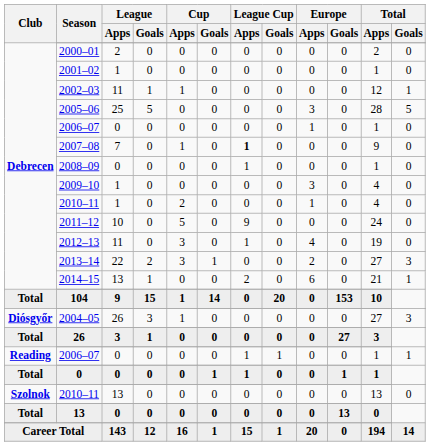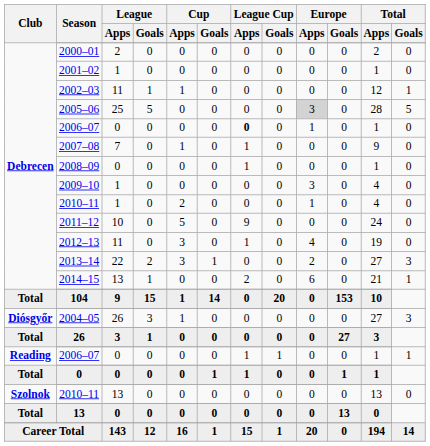 <table class="wikitable" style="font-size:90%; text-align: center;">
 <tr>
 <th rowspan="2">Club</th>
 <th rowspan="2">Season</th>
 <th colspan="2">League</th>
 <th colspan="2">Cup</th>
 <th colspan="2">League Cup</th>
 <th colspan="2">Europe</th>
 <th colspan="2">Total</th>
 </tr>
 <tr>
 <th>Apps</th>
 <th>Goals</th>
 <th>Apps</th>
 <th>Goals</th>
 <th>Apps</th>
 <th>Goals</th>
 <th>Apps</th>
 <th>Goals</th>
 <th>Apps</th>
 <th>Goals</th>
 </tr>
 <tr ||-||-||-|->
 <td rowspan="15" valign="center"><strong><a href='#'>Debrecen</a></strong></td>
 </tr>
 <tr>
 <td><a href='#'>2000–01</a></td>
 <td>2</td>
 <td>0</td>
 <td>0</td>
 <td>0</td>
 <td>0</td>
 <td>0</td>
 <td>0</td>
 <td>0</td>
 <td>2</td>
 <td>0</td>
 </tr>
 <tr>
 <td><a href='#'>2001–02</a></td>
 <td>1</td>
 <td>0</td>
 <td>0</td>
 <td>0</td>
 <td>0</td>
 <td>0</td>
 <td>0</td>
 <td>0</td>
 <td>1</td>
 <td>0</td>
 </tr>
 <tr>
 <td><a href='#'>2002–03</a></td>
 <td>11</td>
 <td>1</td>
 <td>1</td>
 <td>0</td>
 <td>0</td>
 <td>0</td>
 <td>0</td>
 <td>0</td>
 <td>12</td>
 <td>1</td>
 </tr>
 <tr>
 <td><a href='#'>2005–06</a></td>
 <td>25</td>
 <td>5</td>
 <td>0</td>
 <td>0</td>
 <td>0</td>
 <td>0</td>
-<td>3</td>
+<td style="background: lightgrey;">3</td>
 <td>0</td>
 <td>28</td>
 <td>5</td>
 </tr>
 <tr>
 <td><a href='#'>2006–07</a></td>
 <td>0</td>
 <td>0</td>
 <td>0</td>
 <td>0</td>
-<td>0</td>
+<td><strong>0</strong></td>
 <td>0</td>
 <td>1</td>
 <td>0</td>
 <td>1</td>
 <td>0</td>
 </tr>
 <tr>
 <td><a href='#'>2007–08</a></td>
 <td>7</td>
 <td>0</td>
 <td>1</td>
 <td>0</td>
-<td><strong>1</strong></td>
+<td>1</td>
 <td>0</td>
 <td>0</td>
 <td>0</td>
 <td>9</td>
 <td>0</td>
 </tr>
 <tr>
 <td><a href='#'>2008–09</a></td>
 <td>0</td>
 <td>0</td>
 <td>0</td>
 <td>0</td>
 <td>1</td>
 <td>0</td>
 <td>0</td>
 <td>0</td>
 <td>1</td>
 <td>0</td>
 </tr>
 <tr>
 <td><a href='#'>2009–10</a></td>
 <td>1</td>
 <td>0</td>
 <td>0</td>
 <td>0</td>
 <td>0</td>
 <td>0</td>
 <td>3</td>
 <td>0</td>
 <td>4</td>
 <td>0</td>
 </tr>
 <tr>
 <td><a href='#'>2010–11</a></td>
 <td>1</td>
 <td>0</td>
 <td>2</td>
 <td>0</td>
 <td>0</td>
 <td>0</td>
 <td>1</td>
 <td>0</td>
 <td>4</td>
 <td>0</td>
 </tr>
 <tr>
 <td><a href='#'>2011–12</a></td>
 <td>10</td>
 <td>0</td>
 <td>5</td>
 <td>0</td>
 <td>9</td>
 <td>0</td>
 <td>0</td>
 <td>0</td>
 <td>24</td>
 <td>0</td>
 </tr>
 <tr>
 <td><a href='#'>2012–13</a></td>
 <td>11</td>
 <td>0</td>
 <td>3</td>
 <td>0</td>
 <td>1</td>
 <td>0</td>
 <td>4</td>
 <td>0</td>
 <td>19</td>
 <td>0</td>
 </tr>
 <tr>
 <td><a href='#'>2013–14</a></td>
 <td>22</td>
 <td>2</td>
 <td>3</td>
 <td>1</td>
 <td>0</td>
 <td>0</td>
 <td>2</td>
 <td>0</td>
 <td>27</td>
 <td>3</td>
 </tr>
 <tr>
 <td><a href='#'>2014–15</a></td>
 <td>13</td>
 <td>1</td>
 <td>0</td>
 <td>0</td>
 <td>2</td>
 <td>0</td>
 <td>6</td>
 <td>0</td>
 <td>21</td>
 <td>1</td>
 </tr>
 <tr>
 </tr>
 <tr style="font-weight:bold; background-color:#eeeeee;">
 <td>Total</td>
 <td>104</td>
 <td>9</td>
 <td>15</td>
 <td>1</td>
 <td>14</td>
 <td>0</td>
 <td>20</td>
 <td>0</td>
 <td>153</td>
 <td>10</td>
 </tr>
 <tr>
 <td rowspan="3" valign="center"><strong><a href='#'>Diósgyőr</a></strong></td>
 </tr>
 <tr>
 <td><a href='#'>2004–05</a></td>
 <td>26</td>
 <td>3</td>
 <td>1</td>
 <td>0</td>
 <td>0</td>
 <td>0</td>
 <td>0</td>
 <td>0</td>
 <td>27</td>
 <td>3</td>
 </tr>
 <tr>
 </tr>
 <tr style="font-weight:bold; background-color:#eeeeee;">
 <td>Total</td>
 <td>26</td>
 <td>3</td>
 <td>1</td>
 <td>0</td>
 <td>0</td>
 <td>0</td>
 <td>0</td>
 <td>0</td>
 <td>27</td>
 <td>3</td>
 </tr>
 <tr>
 <td rowspan="3" valign="center"><strong><a href='#'>Reading</a></strong></td>
 </tr>
 <tr>
 <td><a href='#'>2006–07</a></td>
 <td>0</td>
 <td>0</td>
 <td>0</td>
 <td>0</td>
 <td>1</td>
 <td>1</td>
 <td>0</td>
 <td>0</td>
 <td>1</td>
 <td>1</td>
 </tr>
 <tr>
 </tr>
 <tr style="font-weight:bold; background-color:#eeeeee;">
 <td>Total</td>
 <td>0</td>
 <td>0</td>
 <td>0</td>
 <td>0</td>
 <td>1</td>
 <td>1</td>
 <td>0</td>
 <td>0</td>
 <td>1</td>
 <td>1</td>
 </tr>
 <tr>
 <td rowspan="3" valign="center"><strong><a href='#'>Szolnok</a></strong></td>
 </tr>
 <tr>
 <td><a href='#'>2010–11</a></td>
 <td>13</td>
 <td>0</td>
 <td>0</td>
 <td>0</td>
 <td>0</td>
 <td>0</td>
 <td>0</td>
 <td>0</td>
 <td>13</td>
 <td>0</td>
 </tr>
 <tr>
 </tr>
 <tr style="font-weight:bold; background-color:#eeeeee;">
 <td>Total</td>
 <td>13</td>
 <td>0</td>
 <td>0</td>
 <td>0</td>
 <td>0</td>
 <td>0</td>
 <td>0</td>
 <td>0</td>
 <td>13</td>
 <td>0</td>
 </tr>
 <tr>
 </tr>
 <tr style="font-weight:bold; background-color:#eeeeee;">
 <td colspan="2" valign="top"><strong>Career Total</strong></td>
 <td><strong>143</strong></td>
 <td><strong>12</strong></td>
 <td><strong>16</strong></td>
 <td><strong>1</strong></td>
 <td><strong>15</strong></td>
 <td><strong>1</strong></td>
 <td><strong>20</strong></td>
 <td><strong>0</strong></td>
 <td><strong>194</strong></td>
 <td><strong>14</strong></td>
 </tr>
 </table>
